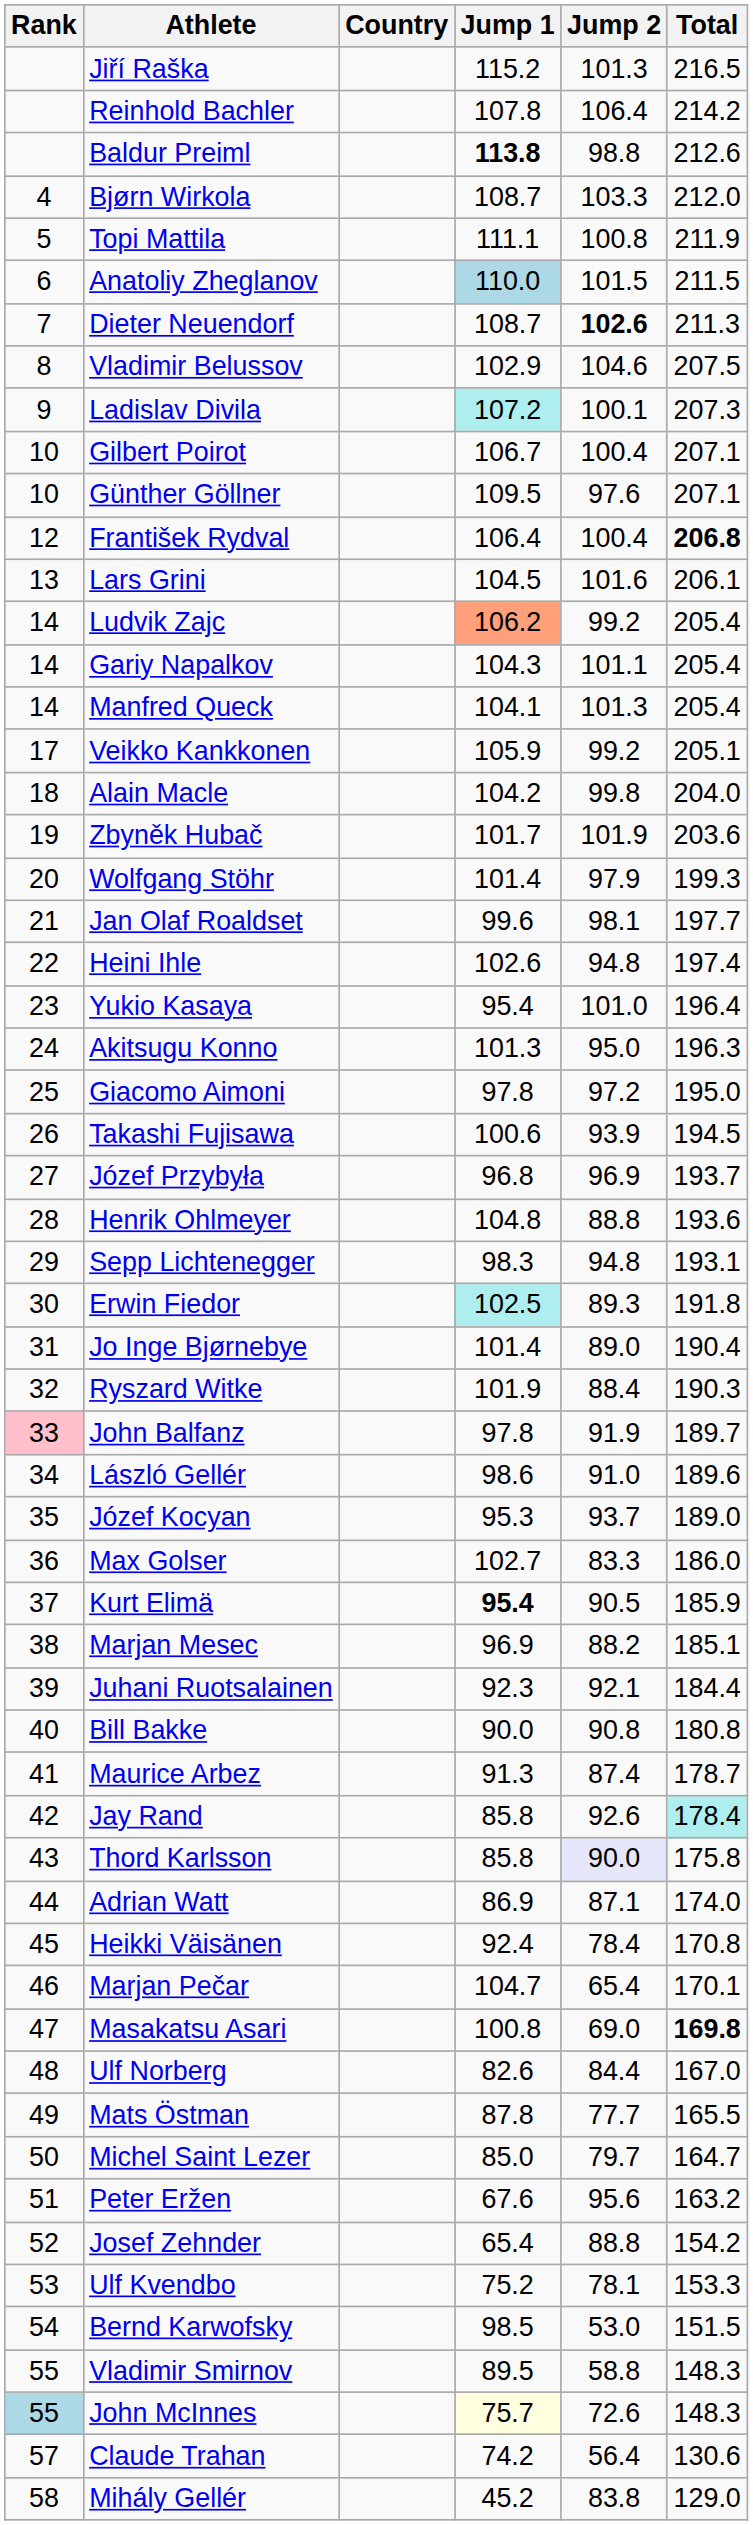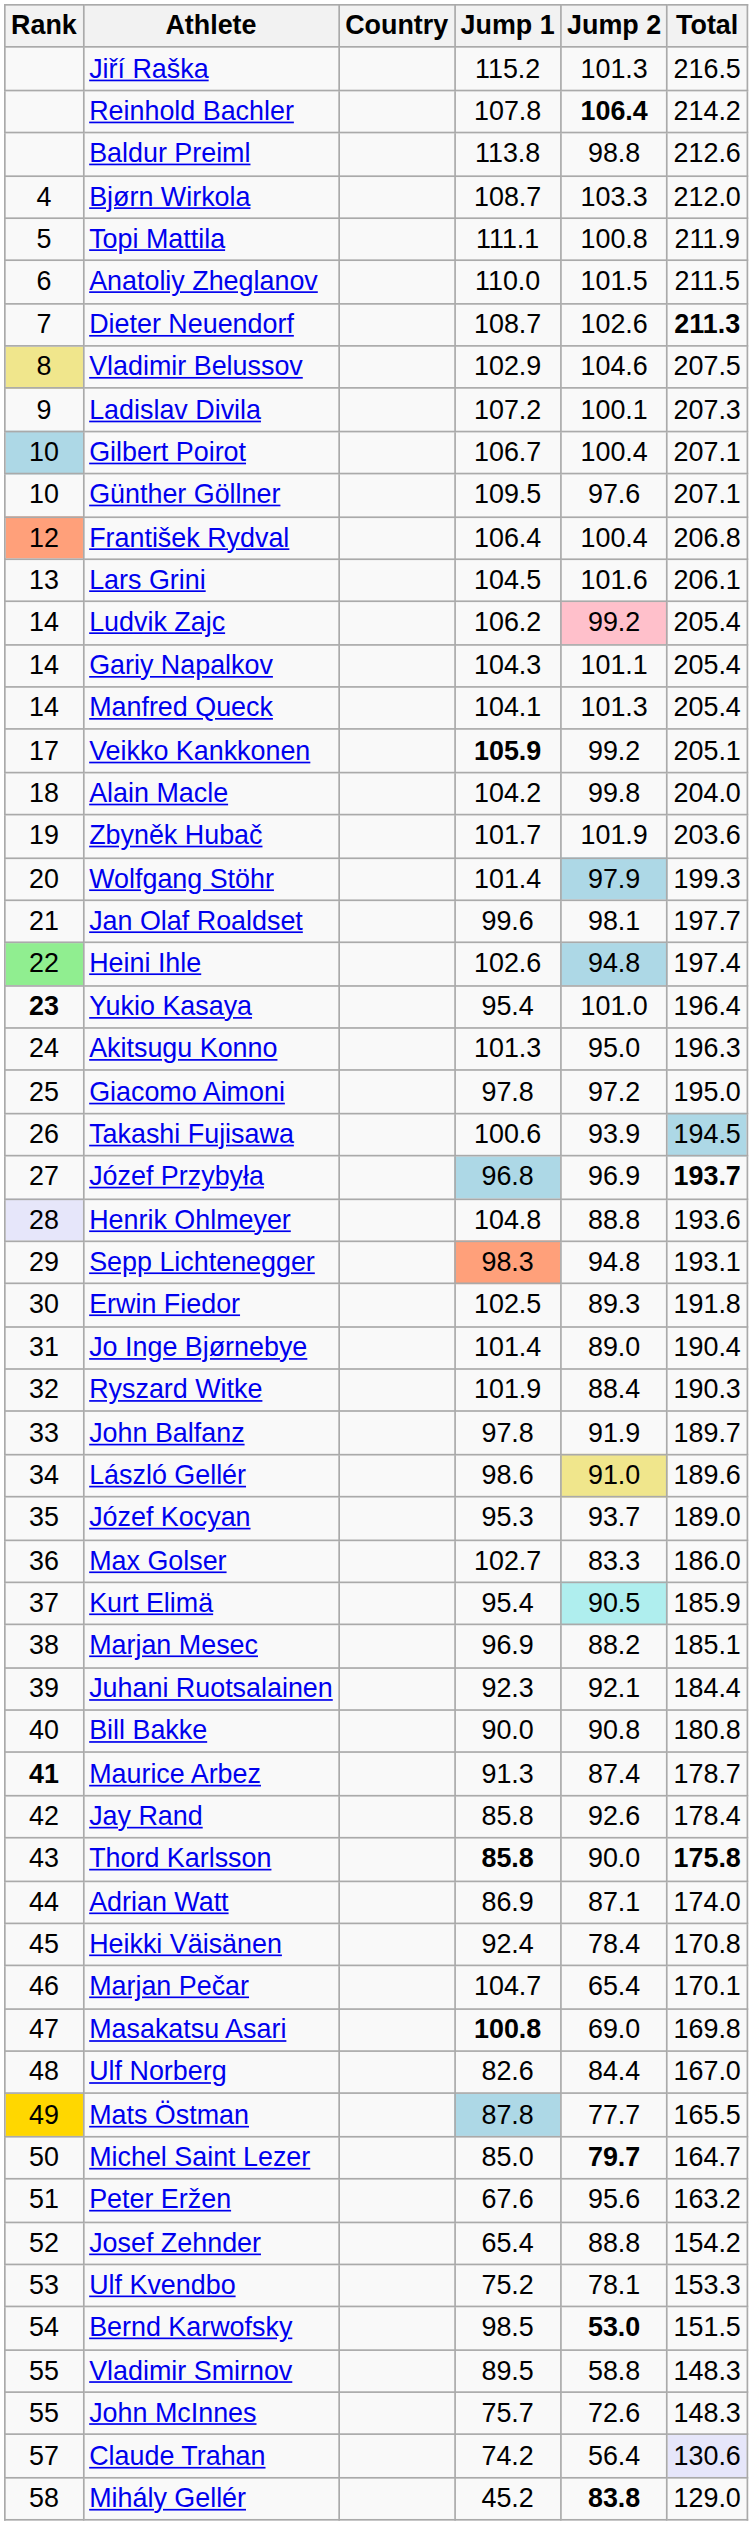 <table class="wikitable sortable" style="text-align:center">
 <tr>
 <th>Rank</th>
 <th>Athlete</th>
 <th>Country</th>
 <th>Jump 1</th>
 <th>Jump 2</th>
 <th>Total</th>
 </tr>
 <tr>
 <td></td>
 <td align=left><a href='#'>Jiří Raška</a></td>
 <td align=left></td>
 <td>115.2</td>
 <td>101.3</td>
 <td>216.5</td>
 </tr>
 <tr>
 <td></td>
 <td align=left><a href='#'>Reinhold Bachler</a></td>
 <td align=left></td>
 <td>107.8</td>
-<td>106.4</td>
+<td><strong>106.4</strong></td>
 <td>214.2</td>
 </tr>
 <tr>
 <td></td>
 <td align=left><a href='#'>Baldur Preiml</a></td>
 <td align=left></td>
-<td><strong>113.8</strong></td>
+<td>113.8</td>
 <td>98.8</td>
 <td>212.6</td>
 </tr>
 <tr>
 <td>4</td>
 <td align=left><a href='#'>Bjørn Wirkola</a></td>
 <td align=left></td>
 <td>108.7</td>
 <td>103.3</td>
 <td>212.0</td>
 </tr>
 <tr>
 <td>5</td>
 <td align=left><a href='#'>Topi Mattila</a></td>
 <td align=left></td>
 <td>111.1</td>
 <td>100.8</td>
 <td>211.9</td>
 </tr>
 <tr>
 <td>6</td>
 <td align=left><a href='#'>Anatoliy Zheglanov</a></td>
 <td align=left></td>
-<td style="background: lightblue;">110.0</td>
+<td>110.0</td>
 <td>101.5</td>
 <td>211.5</td>
 </tr>
 <tr>
 <td>7</td>
 <td align=left><a href='#'>Dieter Neuendorf</a></td>
 <td align=left></td>
 <td>108.7</td>
-<td><strong>102.6</strong></td>
-<td>211.3</td>
+<td>102.6</td>
+<td><strong>211.3</strong></td>
 </tr>
 <tr>
-<td>8</td>
+<td style="background: khaki;">8</td>
 <td align=left><a href='#'>Vladimir Belussov</a></td>
 <td align=left></td>
 <td>102.9</td>
 <td>104.6</td>
 <td>207.5</td>
 </tr>
 <tr>
 <td>9</td>
 <td align=left><a href='#'>Ladislav Divila</a></td>
 <td align=left></td>
-<td style="background: paleturquoise;">107.2</td>
+<td>107.2</td>
 <td>100.1</td>
 <td>207.3</td>
 </tr>
 <tr>
-<td>10</td>
+<td style="background: lightblue;">10</td>
 <td align=left><a href='#'>Gilbert Poirot</a></td>
 <td align=left></td>
 <td>106.7</td>
 <td>100.4</td>
 <td>207.1</td>
 </tr>
 <tr>
 <td>10</td>
 <td align=left><a href='#'>Günther Göllner</a></td>
 <td align=left></td>
 <td>109.5</td>
 <td>97.6</td>
 <td>207.1</td>
 </tr>
 <tr>
-<td>12</td>
+<td style="background: lightsalmon;">12</td>
 <td align=left><a href='#'>František Rydval</a></td>
 <td align=left></td>
 <td>106.4</td>
 <td>100.4</td>
-<td><strong>206.8</strong></td>
+<td>206.8</td>
 </tr>
 <tr>
 <td>13</td>
 <td align=left><a href='#'>Lars Grini</a></td>
 <td align=left></td>
 <td>104.5</td>
 <td>101.6</td>
 <td>206.1</td>
 </tr>
 <tr>
 <td>14</td>
 <td align=left><a href='#'>Ludvik Zajc</a></td>
 <td align=left></td>
-<td style="background: lightsalmon;">106.2</td>
-<td>99.2</td>
+<td>106.2</td>
+<td style="background: pink;">99.2</td>
 <td>205.4</td>
 </tr>
 <tr>
 <td>14</td>
 <td align=left><a href='#'>Gariy Napalkov</a></td>
 <td align=left></td>
 <td>104.3</td>
 <td>101.1</td>
 <td>205.4</td>
 </tr>
 <tr>
 <td>14</td>
 <td align=left><a href='#'>Manfred Queck</a></td>
 <td align=left></td>
 <td>104.1</td>
 <td>101.3</td>
 <td>205.4</td>
 </tr>
 <tr>
 <td>17</td>
 <td align=left><a href='#'>Veikko Kankkonen</a></td>
 <td align=left></td>
-<td>105.9</td>
+<td><strong>105.9</strong></td>
 <td>99.2</td>
 <td>205.1</td>
 </tr>
 <tr>
 <td>18</td>
 <td align=left><a href='#'>Alain Macle</a></td>
 <td align=left></td>
 <td>104.2</td>
 <td>99.8</td>
 <td>204.0</td>
 </tr>
 <tr>
 <td>19</td>
 <td align=left><a href='#'>Zbyněk Hubač</a></td>
 <td align=left></td>
 <td>101.7</td>
 <td>101.9</td>
 <td>203.6</td>
 </tr>
 <tr>
 <td>20</td>
 <td align=left><a href='#'>Wolfgang Stöhr</a></td>
 <td align=left></td>
 <td>101.4</td>
-<td>97.9</td>
+<td style="background: lightblue;">97.9</td>
 <td>199.3</td>
 </tr>
 <tr>
 <td>21</td>
 <td align=left><a href='#'>Jan Olaf Roaldset</a></td>
 <td align=left></td>
 <td>99.6</td>
 <td>98.1</td>
 <td>197.7</td>
 </tr>
 <tr>
-<td>22</td>
+<td style="background: lightgreen;">22</td>
 <td align=left><a href='#'>Heini Ihle</a></td>
 <td align=left></td>
 <td>102.6</td>
-<td>94.8</td>
+<td style="background: lightblue;">94.8</td>
 <td>197.4</td>
 </tr>
 <tr>
-<td>23</td>
+<td><strong>23</strong></td>
 <td align=left><a href='#'>Yukio Kasaya</a></td>
 <td align=left></td>
 <td>95.4</td>
 <td>101.0</td>
 <td>196.4</td>
 </tr>
 <tr>
 <td>24</td>
 <td align=left><a href='#'>Akitsugu Konno</a></td>
 <td align=left></td>
 <td>101.3</td>
 <td>95.0</td>
 <td>196.3</td>
 </tr>
 <tr>
 <td>25</td>
 <td align=left><a href='#'>Giacomo Aimoni</a></td>
 <td align=left></td>
 <td>97.8</td>
 <td>97.2</td>
 <td>195.0</td>
 </tr>
 <tr>
 <td>26</td>
 <td align=left><a href='#'>Takashi Fujisawa</a></td>
 <td align=left></td>
 <td>100.6</td>
 <td>93.9</td>
-<td>194.5</td>
+<td style="background: lightblue;">194.5</td>
 </tr>
 <tr>
 <td>27</td>
 <td align=left><a href='#'>Józef Przybyła</a></td>
 <td align=left></td>
-<td>96.8</td>
+<td style="background: lightblue;">96.8</td>
 <td>96.9</td>
-<td>193.7</td>
+<td><strong>193.7</strong></td>
 </tr>
 <tr>
-<td>28</td>
+<td style="background: lavender;">28</td>
 <td align=left><a href='#'>Henrik Ohlmeyer</a></td>
 <td align=left></td>
 <td>104.8</td>
 <td>88.8</td>
 <td>193.6</td>
 </tr>
 <tr>
 <td>29</td>
 <td align=left><a href='#'>Sepp Lichtenegger</a></td>
 <td align=left></td>
-<td>98.3</td>
+<td style="background: lightsalmon;">98.3</td>
 <td>94.8</td>
 <td>193.1</td>
 </tr>
 <tr>
 <td>30</td>
 <td align=left><a href='#'>Erwin Fiedor</a></td>
 <td align=left></td>
-<td style="background: paleturquoise;">102.5</td>
+<td>102.5</td>
 <td>89.3</td>
 <td>191.8</td>
 </tr>
 <tr>
 <td>31</td>
 <td align=left><a href='#'>Jo Inge Bjørnebye</a></td>
 <td align=left></td>
 <td>101.4</td>
 <td>89.0</td>
 <td>190.4</td>
 </tr>
 <tr>
 <td>32</td>
 <td align=left><a href='#'>Ryszard Witke</a></td>
 <td align=left></td>
 <td>101.9</td>
 <td>88.4</td>
 <td>190.3</td>
 </tr>
 <tr>
-<td style="background: pink;">33</td>
+<td>33</td>
 <td align=left><a href='#'>John Balfanz</a></td>
 <td align=left></td>
 <td>97.8</td>
 <td>91.9</td>
 <td>189.7</td>
 </tr>
 <tr>
 <td>34</td>
 <td align=left><a href='#'>László Gellér</a></td>
 <td align=left></td>
 <td>98.6</td>
-<td>91.0</td>
+<td style="background: khaki;">91.0</td>
 <td>189.6</td>
 </tr>
 <tr>
 <td>35</td>
 <td align=left><a href='#'>Józef Kocyan</a></td>
 <td align=left></td>
 <td>95.3</td>
 <td>93.7</td>
 <td>189.0</td>
 </tr>
 <tr>
 <td>36</td>
 <td align=left><a href='#'>Max Golser</a></td>
 <td align=left></td>
 <td>102.7</td>
 <td>83.3</td>
 <td>186.0</td>
 </tr>
 <tr>
 <td>37</td>
 <td align=left><a href='#'>Kurt Elimä</a></td>
 <td align=left></td>
-<td><strong>95.4</strong></td>
-<td>90.5</td>
+<td>95.4</td>
+<td style="background: paleturquoise;">90.5</td>
 <td>185.9</td>
 </tr>
 <tr>
 <td>38</td>
 <td align=left><a href='#'>Marjan Mesec</a></td>
 <td align=left></td>
 <td>96.9</td>
 <td>88.2</td>
 <td>185.1</td>
 </tr>
 <tr>
 <td>39</td>
 <td align=left><a href='#'>Juhani Ruotsalainen</a></td>
 <td align=left></td>
 <td>92.3</td>
 <td>92.1</td>
 <td>184.4</td>
 </tr>
 <tr>
 <td>40</td>
 <td align=left><a href='#'>Bill Bakke</a></td>
 <td align=left></td>
 <td>90.0</td>
 <td>90.8</td>
 <td>180.8</td>
 </tr>
 <tr>
-<td>41</td>
+<td><strong>41</strong></td>
 <td align=left><a href='#'>Maurice Arbez</a></td>
 <td align=left></td>
 <td>91.3</td>
 <td>87.4</td>
 <td>178.7</td>
 </tr>
 <tr>
 <td>42</td>
 <td align=left><a href='#'>Jay Rand</a></td>
 <td align=left></td>
 <td>85.8</td>
 <td>92.6</td>
-<td style="background: paleturquoise;">178.4</td>
+<td>178.4</td>
 </tr>
 <tr>
 <td>43</td>
 <td align=left><a href='#'>Thord Karlsson</a></td>
 <td align=left></td>
-<td>85.8</td>
-<td style="background: lavender;">90.0</td>
-<td>175.8</td>
+<td><strong>85.8</strong></td>
+<td>90.0</td>
+<td><strong>175.8</strong></td>
 </tr>
 <tr>
 <td>44</td>
 <td align=left><a href='#'>Adrian Watt</a></td>
 <td align=left></td>
 <td>86.9</td>
 <td>87.1</td>
 <td>174.0</td>
 </tr>
 <tr>
 <td>45</td>
 <td align=left><a href='#'>Heikki Väisänen</a></td>
 <td align=left></td>
 <td>92.4</td>
 <td>78.4</td>
 <td>170.8</td>
 </tr>
 <tr>
 <td>46</td>
 <td align=left><a href='#'>Marjan Pečar</a></td>
 <td align=left></td>
 <td>104.7</td>
 <td>65.4</td>
 <td>170.1</td>
 </tr>
 <tr>
 <td>47</td>
 <td align=left><a href='#'>Masakatsu Asari</a></td>
 <td align=left></td>
-<td>100.8</td>
+<td><strong>100.8</strong></td>
 <td>69.0</td>
-<td><strong>169.8</strong></td>
+<td>169.8</td>
 </tr>
 <tr>
 <td>48</td>
 <td align=left><a href='#'>Ulf Norberg</a></td>
 <td align=left></td>
 <td>82.6</td>
 <td>84.4</td>
 <td>167.0</td>
 </tr>
 <tr>
-<td>49</td>
+<td style="background: gold;">49</td>
 <td align=left><a href='#'>Mats Östman</a></td>
 <td align=left></td>
-<td>87.8</td>
+<td style="background: lightblue;">87.8</td>
 <td>77.7</td>
 <td>165.5</td>
 </tr>
 <tr>
 <td>50</td>
 <td align=left><a href='#'>Michel Saint Lezer</a></td>
 <td align=left></td>
 <td>85.0</td>
-<td>79.7</td>
+<td><strong>79.7</strong></td>
 <td>164.7</td>
 </tr>
 <tr>
 <td>51</td>
 <td align=left><a href='#'>Peter Eržen</a></td>
 <td align=left></td>
 <td>67.6</td>
 <td>95.6</td>
 <td>163.2</td>
 </tr>
 <tr>
 <td>52</td>
 <td align=left><a href='#'>Josef Zehnder</a></td>
 <td align=left></td>
 <td>65.4</td>
 <td>88.8</td>
 <td>154.2</td>
 </tr>
 <tr>
 <td>53</td>
 <td align=left><a href='#'>Ulf Kvendbo</a></td>
 <td align=left></td>
 <td>75.2</td>
 <td>78.1</td>
 <td>153.3</td>
 </tr>
 <tr>
 <td>54</td>
 <td align=left><a href='#'>Bernd Karwofsky</a></td>
 <td align=left></td>
 <td>98.5</td>
-<td>53.0</td>
+<td><strong>53.0</strong></td>
 <td>151.5</td>
 </tr>
 <tr>
 <td>55</td>
 <td align=left><a href='#'>Vladimir Smirnov</a></td>
 <td align=left></td>
 <td>89.5</td>
 <td>58.8</td>
 <td>148.3</td>
 </tr>
 <tr>
-<td style="background: lightblue;">55</td>
+<td>55</td>
 <td align=left><a href='#'>John McInnes</a></td>
 <td align=left></td>
-<td style="background: lightyellow;">75.7</td>
+<td>75.7</td>
 <td>72.6</td>
 <td>148.3</td>
 </tr>
 <tr>
 <td>57</td>
 <td align=left><a href='#'>Claude Trahan</a></td>
 <td align=left></td>
 <td>74.2</td>
 <td>56.4</td>
-<td>130.6</td>
+<td style="background: lavender;">130.6</td>
 </tr>
 <tr>
 <td>58</td>
 <td align=left><a href='#'>Mihály Gellér</a></td>
 <td align=left></td>
 <td>45.2</td>
-<td>83.8</td>
+<td><strong>83.8</strong></td>
 <td>129.0</td>
 </tr>
 </table>
